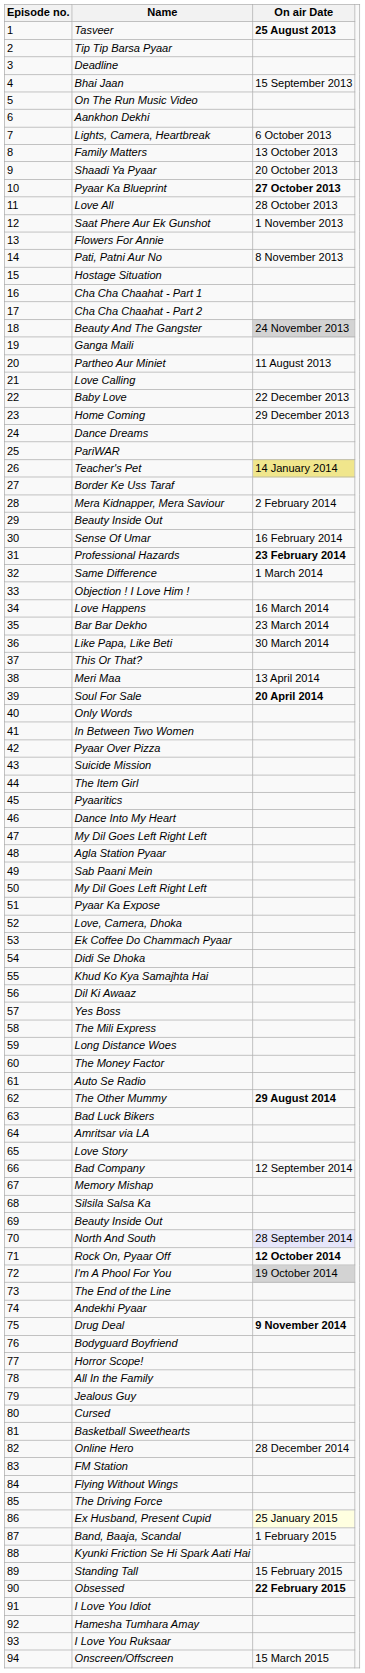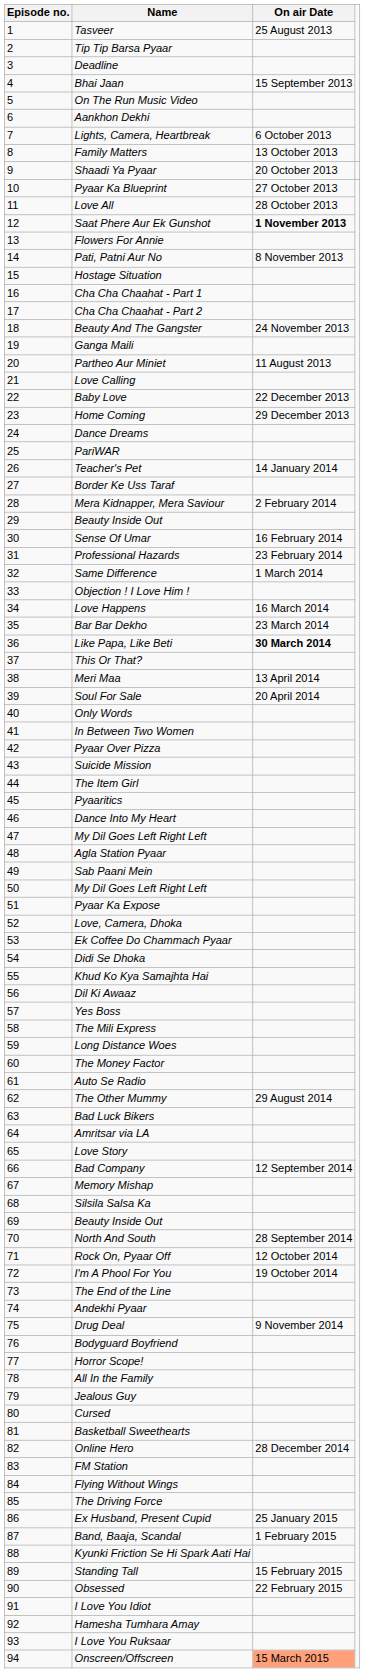 <table class="wikitable">
 <tr>
 <th>Episode no.</th>
 <th>Name</th>
 <th>On air Date</th>
 </tr>
 <tr>
 <td>1</td>
 <td><em>Tasveer</em></td>
-<td><strong>25 August 2013</strong></td>
+<td>25 August 2013</td>
 </tr>
 <tr>
 <td>2</td>
 <td><em>Tip Tip Barsa Pyaar</em></td>
 <td></td>
 </tr>
 <tr>
 <td>3</td>
 <td><em>Deadline</em></td>
 <td></td>
 </tr>
 <tr>
 <td>4</td>
 <td><em>Bhai Jaan</em></td>
 <td>15 September 2013</td>
 </tr>
 <tr>
 <td>5</td>
 <td><em>On The Run Music Video</em></td>
 <td></td>
 </tr>
 <tr>
 <td>6</td>
 <td><em>Aankhon Dekhi</em></td>
 <td></td>
 </tr>
 <tr>
 <td>7</td>
 <td><em>Lights, Camera, Heartbreak</em></td>
 <td>6 October 2013</td>
 </tr>
 <tr>
 <td>8</td>
 <td><em>Family Matters</em></td>
 <td>13 October 2013</td>
 </tr>
 <tr>
 <td>9</td>
 <td><em>Shaadi Ya Pyaar</em></td>
 <td>20 October 2013</td>
 <td></td>
 </tr>
 <tr>
 <td>10</td>
 <td><em>Pyaar Ka Blueprint</em></td>
-<td><strong>27 October 2013</strong></td>
+<td>27 October 2013</td>
 </tr>
 <tr>
 <td>11</td>
 <td><em>Love All</em></td>
 <td>28 October 2013</td>
 </tr>
 <tr>
 <td>12</td>
 <td><em>Saat Phere Aur Ek Gunshot</em></td>
-<td>1 November 2013</td>
+<td><strong>1 November 2013</strong></td>
 </tr>
 <tr>
 <td>13</td>
 <td><em>Flowers For Annie</em></td>
 <td></td>
 </tr>
 <tr>
 <td>14</td>
 <td><em>Pati, Patni Aur No</em></td>
 <td>8 November 2013</td>
 </tr>
 <tr>
 <td>15</td>
 <td><em>Hostage Situation</em></td>
 <td></td>
 </tr>
 <tr>
 <td>16</td>
 <td><em>Cha Cha Chaahat - Part 1</em></td>
 <td></td>
 </tr>
 <tr>
 <td>17</td>
 <td><em>Cha Cha Chaahat - Part 2</em></td>
 <td></td>
 </tr>
 <tr>
 <td>18</td>
 <td><em>Beauty And The Gangster</em></td>
-<td style="background: lightgrey;">24 November 2013</td>
+<td>24 November 2013</td>
 </tr>
 <tr>
 <td>19</td>
 <td><em>Ganga Maili</em></td>
 <td></td>
 </tr>
 <tr>
 <td>20</td>
 <td><em>Partheo Aur Miniet</em></td>
 <td>11 August 2013</td>
 </tr>
 <tr>
 <td>21</td>
 <td><em>Love Calling</em></td>
 <td></td>
 </tr>
 <tr>
 <td>22</td>
 <td><em>Baby Love</em></td>
 <td>22 December 2013</td>
 </tr>
 <tr>
 <td>23</td>
 <td><em>Home Coming</em></td>
 <td>29 December 2013</td>
 </tr>
 <tr>
 <td>24</td>
 <td><em>Dance Dreams</em></td>
 <td></td>
 </tr>
 <tr>
 <td>25</td>
 <td><em>PariWAR</em></td>
 <td></td>
 </tr>
 <tr>
 <td>26</td>
 <td><em>Teacher's Pet</em></td>
-<td style="background: khaki;">14 January 2014</td>
+<td>14 January 2014</td>
 </tr>
 <tr>
 <td>27</td>
 <td><em>Border Ke Uss Taraf</em></td>
 <td></td>
 </tr>
 <tr>
 <td>28</td>
 <td><em>Mera Kidnapper, Mera Saviour</em></td>
 <td>2 February 2014</td>
 </tr>
 <tr>
 <td>29</td>
 <td><em>Beauty Inside Out</em></td>
 <td></td>
 </tr>
 <tr>
 <td>30</td>
 <td><em>Sense Of Umar</em></td>
 <td>16 February 2014</td>
 </tr>
 <tr>
 <td>31</td>
 <td><em>Professional Hazards</em></td>
-<td><strong>23 February 2014</strong></td>
+<td>23 February 2014</td>
 </tr>
 <tr>
 <td>32</td>
 <td><em>Same Difference</em></td>
 <td>1 March 2014</td>
 </tr>
 <tr>
 <td>33</td>
 <td><em>Objection ! I Love Him !</em></td>
 <td></td>
 </tr>
 <tr>
 <td>34</td>
 <td><em>Love Happens</em></td>
 <td>16 March 2014</td>
 </tr>
 <tr>
 <td>35</td>
 <td><em>Bar Bar Dekho</em></td>
 <td>23 March 2014</td>
 </tr>
 <tr>
 <td>36</td>
 <td><em>Like Papa, Like Beti</em></td>
-<td>30 March 2014</td>
+<td><strong>30 March 2014</strong></td>
 </tr>
 <tr>
 <td>37</td>
 <td><em>This Or That?</em></td>
 <td></td>
 </tr>
 <tr>
 <td>38</td>
 <td><em>Meri Maa</em></td>
 <td>13 April 2014</td>
 </tr>
 <tr>
 <td>39</td>
 <td><em>Soul For Sale</em></td>
-<td><strong>20 April 2014</strong></td>
+<td>20 April 2014</td>
 </tr>
 <tr>
 <td>40</td>
 <td><em>Only Words</em></td>
 <td></td>
 </tr>
 <tr>
 <td>41</td>
 <td><em>In Between Two Women</em></td>
 <td></td>
 </tr>
 <tr>
 <td>42</td>
 <td><em>Pyaar Over Pizza</em></td>
 <td></td>
 </tr>
 <tr>
 <td>43</td>
 <td><em>Suicide Mission</em></td>
 <td></td>
 </tr>
 <tr>
 <td>44</td>
 <td><em>The Item Girl</em></td>
 <td></td>
 </tr>
 <tr>
 <td>45</td>
 <td><em>Pyaaritics</em></td>
 <td></td>
 </tr>
 <tr>
 <td>46</td>
 <td><em>Dance Into My Heart</em></td>
 <td></td>
 </tr>
 <tr>
 <td>47</td>
 <td><em>My Dil Goes Left Right Left</em></td>
 <td></td>
 </tr>
 <tr>
 <td>48</td>
 <td><em>Agla Station Pyaar</em></td>
 <td></td>
 </tr>
 <tr>
 <td>49</td>
 <td><em>Sab Paani Mein</em></td>
 <td></td>
 </tr>
 <tr>
 <td>50</td>
 <td><em>My Dil Goes Left Right Left</em></td>
 <td></td>
 </tr>
 <tr>
 <td>51</td>
 <td><em>Pyaar Ka Expose</em></td>
 <td></td>
 </tr>
 <tr>
 <td>52</td>
 <td><em>Love, Camera, Dhoka</em></td>
 <td></td>
 </tr>
 <tr>
 <td>53</td>
 <td><em>Ek Coffee Do Chammach Pyaar</em></td>
 <td></td>
 </tr>
 <tr>
 <td>54</td>
 <td><em>Didi Se Dhoka</em></td>
 <td></td>
 </tr>
 <tr>
 <td>55</td>
 <td><em>Khud Ko Kya Samajhta Hai</em></td>
 <td></td>
 </tr>
 <tr>
 <td>56</td>
 <td><em>Dil Ki Awaaz</em></td>
 <td></td>
 </tr>
 <tr>
 <td>57</td>
 <td><em>Yes Boss</em></td>
 <td></td>
 </tr>
 <tr>
 <td>58</td>
 <td><em>The Mili Express</em></td>
 <td></td>
 </tr>
 <tr>
 <td>59</td>
 <td><em>Long Distance Woes</em></td>
 <td></td>
 </tr>
 <tr>
 <td>60</td>
 <td><em>The Money Factor</em></td>
 <td></td>
 </tr>
 <tr>
 <td>61</td>
 <td><em>Auto Se Radio</em></td>
 <td></td>
 </tr>
 <tr>
 <td>62</td>
 <td><em>The Other Mummy</em></td>
-<td><strong>29 August 2014</strong></td>
+<td>29 August 2014</td>
 </tr>
 <tr>
 <td>63</td>
 <td><em>Bad Luck Bikers</em></td>
 <td></td>
 </tr>
 <tr>
 <td>64</td>
 <td><em>Amritsar via LA</em></td>
 <td></td>
 </tr>
 <tr>
 <td>65</td>
 <td><em>Love Story</em></td>
 <td></td>
 </tr>
 <tr>
 <td>66</td>
 <td><em>Bad Company</em></td>
 <td>12 September 2014</td>
 </tr>
 <tr>
 <td>67</td>
 <td><em>Memory Mishap</em></td>
 <td></td>
 </tr>
 <tr>
 <td>68</td>
 <td><em>Silsila Salsa Ka</em></td>
 <td></td>
 </tr>
 <tr>
 <td>69</td>
 <td><em>Beauty Inside Out</em></td>
 <td></td>
 </tr>
 <tr>
 <td>70</td>
 <td><em>North And South</em></td>
-<td style="background: lavender;">28 September 2014</td>
+<td>28 September 2014</td>
 </tr>
 <tr>
 <td>71</td>
 <td><em>Rock On, Pyaar Off</em></td>
-<td><strong>12 October 2014</strong></td>
+<td>12 October 2014</td>
 </tr>
 <tr>
 <td>72</td>
 <td><em>I'm A Phool For You</em></td>
-<td style="background: lightgrey;">19 October 2014</td>
+<td>19 October 2014</td>
 </tr>
 <tr>
 <td>73</td>
 <td><em>The End of the Line</em></td>
 <td></td>
 </tr>
 <tr>
 <td>74</td>
 <td><em>Andekhi Pyaar</em></td>
 <td></td>
 </tr>
 <tr>
 <td>75</td>
 <td><em>Drug Deal</em></td>
-<td><strong>9 November 2014</strong></td>
+<td>9 November 2014</td>
 </tr>
 <tr>
 <td>76</td>
 <td><em>Bodyguard Boyfriend</em></td>
 <td></td>
 </tr>
 <tr>
 <td>77</td>
 <td><em>Horror Scope!</em></td>
 <td></td>
 </tr>
 <tr>
 <td>78</td>
 <td><em>All In the Family</em></td>
 <td></td>
 </tr>
 <tr>
 <td>79</td>
 <td><em>Jealous Guy</em></td>
 <td></td>
 </tr>
 <tr>
 <td>80</td>
 <td><em>Cursed </em></td>
 <td></td>
 </tr>
 <tr>
 <td>81</td>
 <td><em>Basketball Sweethearts</em></td>
 <td></td>
 </tr>
 <tr>
 <td>82</td>
 <td><em>Online Hero</em></td>
 <td>28 December 2014</td>
 </tr>
 <tr>
 <td>83</td>
 <td><em>FM Station</em></td>
 <td></td>
 </tr>
 <tr>
 <td>84</td>
 <td><em>Flying Without Wings</em></td>
 <td></td>
 </tr>
 <tr>
 <td>85</td>
 <td><em>The Driving Force</em></td>
 <td></td>
 </tr>
 <tr>
 <td>86</td>
 <td><em>Ex Husband, Present Cupid</em></td>
-<td style="background: lightyellow;">25 January 2015</td>
+<td>25 January 2015</td>
 </tr>
 <tr>
 <td>87</td>
 <td><em>Band, Baaja, Scandal</em></td>
 <td>1 February 2015</td>
 </tr>
 <tr>
 <td>88</td>
 <td><em>Kyunki Friction Se Hi Spark Aati Hai </em></td>
 <td></td>
 </tr>
 <tr>
 <td>89</td>
 <td><em>Standing Tall</em></td>
 <td>15 February 2015</td>
 </tr>
 <tr>
 <td>90</td>
 <td><em>Obsessed</em></td>
-<td><strong>22 February 2015</strong></td>
+<td>22 February 2015</td>
 </tr>
 <tr>
 <td>91</td>
 <td><em>I Love You Idiot</em></td>
 <td></td>
 </tr>
 <tr>
 <td>92</td>
 <td><em>Hamesha Tumhara Amay</em></td>
 <td></td>
 </tr>
 <tr>
 <td>93</td>
 <td><em>I Love You Ruksaar</em></td>
 <td></td>
 </tr>
 <tr>
 <td>94</td>
 <td><em>Onscreen/Offscreen</em></td>
-<td>15 March 2015</td>
+<td style="background: lightsalmon;">15 March 2015</td>
 </tr>
 </table>
